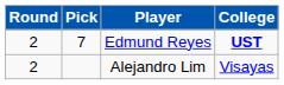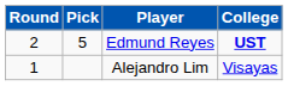 <table class="wikitable sortable sortable">
 <tr>
 <th style="background:#0055AF; color:#FFFFFF; ">Round</th>
 <th style="background:#0055AF; color:#FFFFFF; ">Pick</th>
 <th style="background:#0055AF; color:#FFFFFF; ">Player</th>
 <th style="background:#0055AF; color:#FFFFFF; ">College</th>
 </tr>
 <tr style="text-align: center">
 <td align="center">2</td>
-<td align="center">7</td>
+<td align="center">5</td>
 <td><a href='#'>Edmund Reyes</a></td>
 <td><strong><a href='#'>UST</a></strong></td>
 </tr>
 <tr style="text-align: center">
-<td align="center">2</td>
+<td align="center">1</td>
 <td align="center"></td>
 <td>Alejandro Lim</td>
 <td><a href='#'>Visayas</a></td>
 </tr>
 </table>
